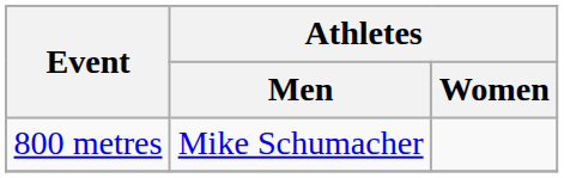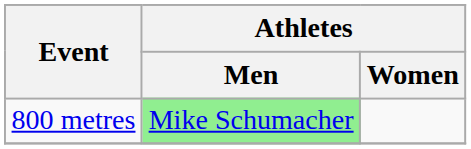 <table class=wikitable style="font-size:90%">
 <tr>
 <th rowspan=2>Event</th>
 <th colspan=2>Athletes</th>
 </tr>
 <tr>
 <th>Men</th>
 <th>Women</th>
 </tr>
 <tr>
 <td><a href='#'>800 metres</a></td>
-<td><a href='#'>Mike Schumacher</a></td>
+<td style="background: lightgreen;"><a href='#'>Mike Schumacher</a></td>
 <td></td>
 </tr>
 <tr>
 </tr>
 </table>
